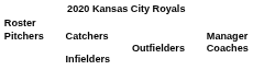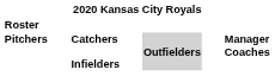 <table class="toccolours" style="font-size: 95%;">
 <tr>
 <th colspan="10">2020 Kansas City Royals</th>
 </tr>
 <tr>
 <td colspan="10"><strong>Roster</strong></td>
 </tr>
 <tr>
 <td valign="top"><strong>Pitchers</strong><br>                          </td>
 <td width="25px"></td>
 <td valign="top"><strong>Catchers</strong><br>   <br><strong>Infielders</strong>         </td>
 <td width="25px"></td>
-<td valign="top"><br><strong>Outfielders</strong>        </td>
+<td valign="top" style="background: lightgrey;"><br><strong>Outfielders</strong>        </td>
 <td width="25px"></td>
 <td valign="top"><strong>Manager</strong><br> <strong>Coaches</strong>                  </td>
 </tr>
 </table>
